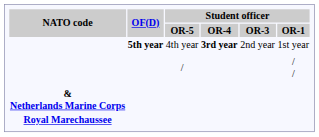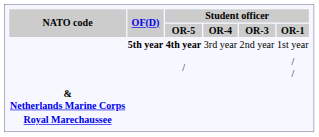 <table style="border:1px solid #8888aa; background-color:#f7f8ff; padding:5px; font-size:95%; margin: 0px 12px 12px 0px;">
 <tr style="background-color:#CCCCCC;">
 <th rowspan=2>NATO code</th>
 <th rowspan=2><a href='#'>OF(D)</a></th>
 <th colspan=6>Student officer</th>
 </tr>
 <tr style="background-color:#CCCCCC;">
 <th>OR-5</th>
 <th>OR-4</th>
 <th colspan=2>OR-3</th>
 <th colspan=2>OR-1</th>
 </tr>
 <tr style="text-align:center;">
 <th></th>
 <td colspan=1><strong>5th year</strong></td>
-<td colspan=1>4th year</td>
-<td colspan=1><strong>3rd year</strong></td>
+<td colspan=1><strong>4th year</strong></td>
+<td colspan=1>3rd year</td>
 <td colspan=2>2nd year</td>
 <td colspan=2>1st year</td>
 </tr>
 <tr style="text-align:center;">
 <td rowspan=2><strong></strong></td>
 <td colspan=1></td>
 <td colspan=1></td>
 <td colspan=1></td>
 <td colspan=2></td>
 <td colspan=2></td>
 </tr>
 <tr style="text-align:center;">
 <td colspan=1></td>
 <td colspan=1>/<br></td>
 <td colspan=1></td>
 <td colspan=2></td>
 <td colspan=2>/<br>/<br></td>
 </tr>
 <tr style="text-align:center;">
 <td rowspan=2><strong></strong></td>
 <td colspan=1></td>
 <td colspan=1></td>
 <td colspan=1></td>
 <td colspan=2></td>
 <td colspan=2></td>
 </tr>
 <tr style="text-align:center;">
 <td colspan=1></td>
 <td colspan=1></td>
 <td colspan=1></td>
 <td colspan=2></td>
 <td colspan=2></td>
 </tr>
 <tr style="text-align:center;">
 <td rowspan=2><strong> &<br><a href='#'>Netherlands Marine Corps</a></strong></td>
 <td colspan=1></td>
 <td colspan=1></td>
 <td colspan=1></td>
 <td colspan=2></td>
 <td colspan=2></td>
 </tr>
 <tr style="text-align:center;">
 <td colspan=1></td>
 <td colspan=1></td>
 <td colspan=1></td>
 <td colspan=2></td>
 <td colspan=2></td>
 </tr>
 <tr style="text-align:center;">
 <td rowspan=2><strong> <a href='#'>Royal Marechaussee</a></strong></td>
 <td colspan=1></td>
 <td colspan=1></td>
 <td colspan=1></td>
 <td colspan=2></td>
 <td colspan=2></td>
 </tr>
 <tr style="text-align:center;">
 <td colspan=1></td>
 <td colspan=1></td>
 <td colspan=1></td>
 <td colspan=2></td>
 <td colspan=2></td>
 </tr>
 </table>
